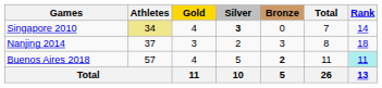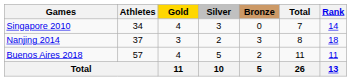 <table class="wikitable" style="text-align:center; font-size:90%;">
 <tr>
 <th style="width:12em;">Games</th>
 <th style="width:4em;">Athletes</th>
 <th style="width:4em; background:gold;">Gold</th>
 <th style="width:4em; background:silver;">Silver</th>
 <th style="width:4em; background:#cc9966;">Bronze</th>
 <th style="width:4em;">Total</th>
 <th style="width:2em;"><a href='#'>Rank</a></th>
 </tr>
 <tr>
 <td align=left> <a href='#'>Singapore 2010</a></td>
-<td style="background: khaki;">34</td>
+<td>34</td>
 <td>4</td>
-<td><strong>3</strong></td>
+<td>3</td>
 <td>0</td>
 <td>7</td>
 <td><a href='#'>14</a></td>
 </tr>
 <tr>
 <td align=left> <a href='#'>Nanjing 2014</a></td>
 <td>37</td>
 <td>3</td>
 <td>2</td>
 <td>3</td>
 <td>8</td>
 <td><a href='#'>18</a></td>
 </tr>
 <tr>
 <td align=left> <a href='#'>Buenos Aires 2018</a></td>
 <td>57</td>
 <td>4</td>
 <td>5</td>
-<td><strong>2</strong></td>
+<td>2</td>
 <td>11</td>
-<td style="background: paleturquoise;"><a href='#'>11</a></td>
+<td><a href='#'>11</a></td>
 </tr>
 <tr>
 <th colspan=2>Total</th>
 <th>11</th>
 <th>10</th>
 <th>5</th>
 <th>26</th>
 <th><a href='#'>13</a></th>
 </tr>
 </table>
